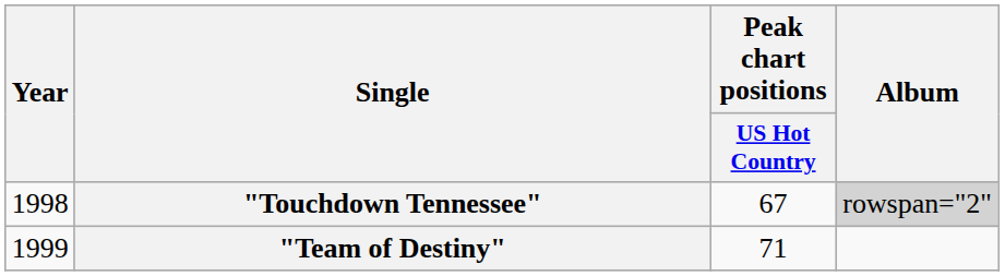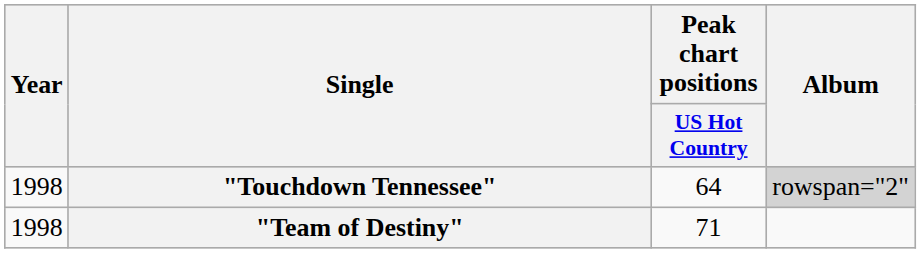 <table class="wikitable plainrowheaders" style="text-align:center;">
 <tr>
 <th scope="col" rowspan="2">Year</th>
 <th scope="col" rowspan="2" style="width:22em;">Single</th>
 <th scope="col">Peak chart positions</th>
 <th scope="col" rowspan="2">Album</th>
 </tr>
 <tr style="font-size:smaller;">
 <th scope="col" width="65"><a href='#'>US Hot Country</a><br></th>
 </tr>
 <tr>
 <td>1998</td>
 <th scope="row">"Touchdown Tennessee"</th>
-<td>67</td>
+<td>64</td>
 <td style="background: lightgrey;">rowspan="2" </td>
 </tr>
 <tr>
-<td>1999</td>
+<td>1998</td>
 <th scope="row">"Team of Destiny"</th>
 <td>71</td>
 </tr>
 </table>
